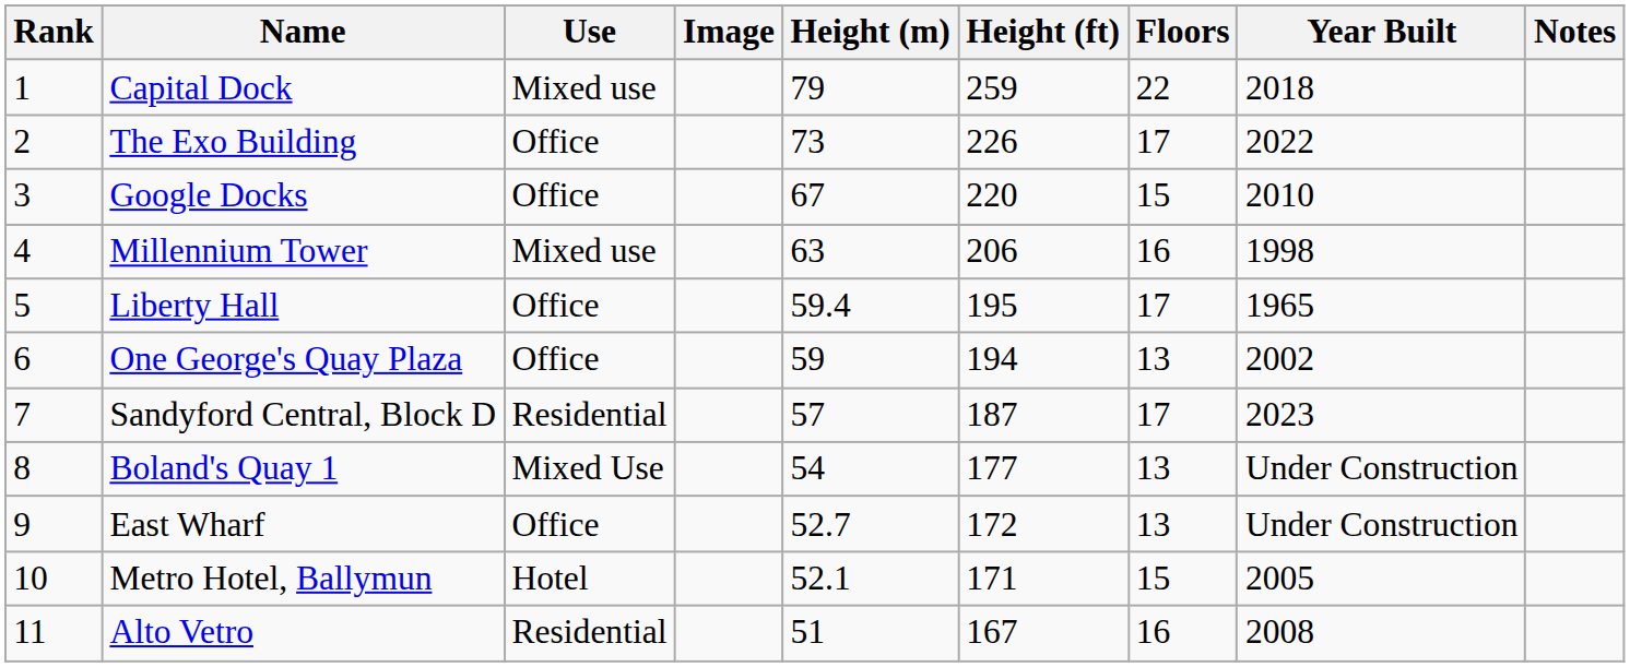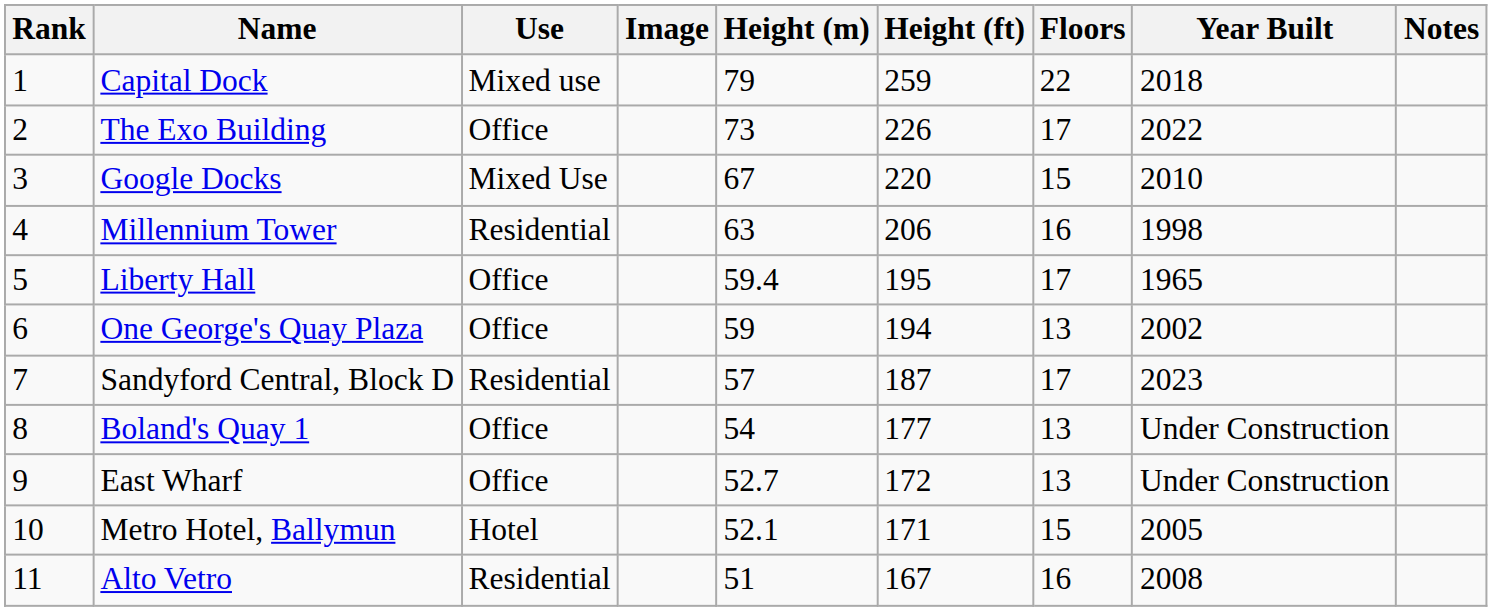 <table class="wikitable">
 <tr>
 <th>Rank</th>
 <th>Name</th>
 <th>Use</th>
 <th>Image</th>
 <th>Height (m)</th>
 <th>Height (ft)</th>
 <th>Floors</th>
 <th>Year Built</th>
 <th>Notes</th>
 </tr>
 <tr>
 <td>1</td>
 <td><a href='#'>Capital Dock</a></td>
 <td>Mixed use</td>
 <td></td>
 <td>79</td>
 <td>259</td>
 <td>22</td>
 <td>2018</td>
 <td></td>
 </tr>
 <tr>
 <td>2</td>
 <td><a href='#'>The Exo Building</a></td>
 <td>Office</td>
 <td></td>
 <td>73</td>
 <td>226</td>
 <td>17</td>
 <td>2022</td>
 <td><br></td>
 </tr>
 <tr>
 <td>3</td>
 <td><a href='#'>Google Docks</a></td>
-<td>Office</td>
+<td>Mixed Use</td>
 <td></td>
 <td>67</td>
 <td>220</td>
 <td>15</td>
 <td>2010</td>
 <td></td>
 </tr>
 <tr>
 <td>4</td>
 <td><a href='#'>Millennium Tower</a></td>
-<td>Mixed use</td>
+<td>Residential</td>
 <td></td>
 <td>63</td>
 <td>206</td>
 <td>16</td>
 <td>1998</td>
 <td><br> </td>
 </tr>
 <tr>
 <td>5</td>
 <td><a href='#'>Liberty Hall</a></td>
 <td>Office</td>
 <td></td>
 <td>59.4</td>
 <td>195</td>
 <td>17</td>
 <td>1965</td>
 <td><br>  </td>
 </tr>
 <tr>
 <td>6</td>
 <td><a href='#'>One George's Quay Plaza</a></td>
 <td>Office</td>
 <td></td>
 <td>59</td>
 <td>194</td>
 <td>13</td>
 <td>2002</td>
 <td><br> </td>
 </tr>
 <tr>
 <td>7</td>
 <td>Sandyford Central, Block D</td>
 <td>Residential</td>
 <td></td>
 <td>57</td>
 <td>187</td>
 <td>17</td>
 <td>2023</td>
 <td></td>
 </tr>
 <tr>
 <td>8</td>
 <td><a href='#'>Boland's Quay 1</a></td>
-<td>Mixed Use</td>
+<td>Office</td>
 <td></td>
 <td>54</td>
 <td>177</td>
 <td>13</td>
 <td>Under Construction</td>
 <td><br></td>
 </tr>
 <tr>
 <td>9</td>
 <td>East Wharf</td>
 <td>Office</td>
 <td></td>
 <td>52.7</td>
 <td>172</td>
 <td>13</td>
 <td>Under Construction</td>
 <td><br></td>
 </tr>
 <tr>
 <td>10</td>
 <td>Metro Hotel, <a href='#'>Ballymun</a></td>
 <td>Hotel</td>
 <td></td>
 <td>52.1</td>
 <td>171</td>
 <td>15</td>
 <td>2005</td>
 <td></td>
 </tr>
 <tr>
 <td>11</td>
 <td><a href='#'>Alto Vetro</a></td>
 <td>Residential</td>
 <td></td>
 <td>51</td>
 <td>167</td>
 <td>16</td>
 <td>2008</td>
 <td><br> </td>
 </tr>
 </table>
